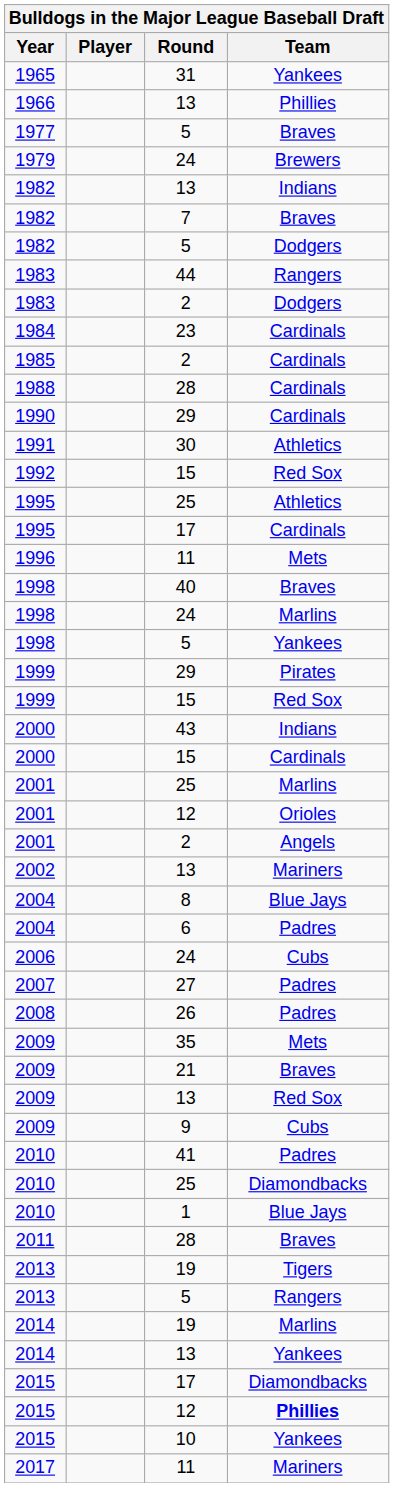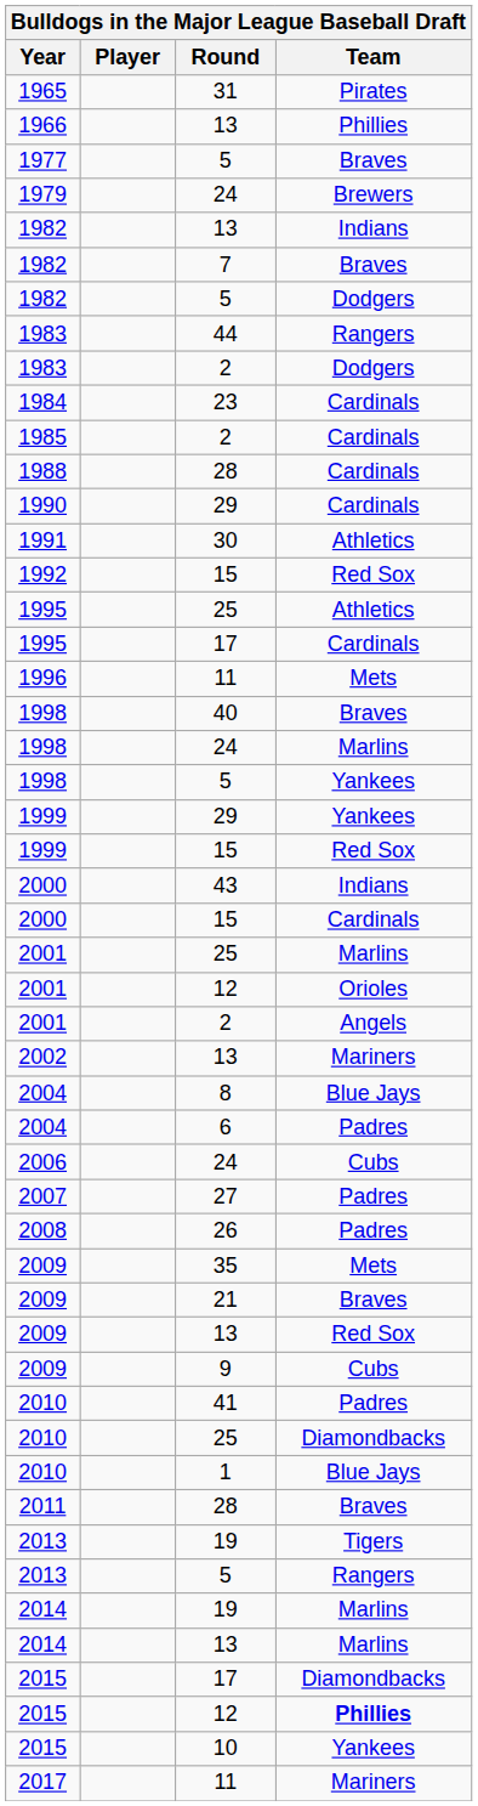 <table class="wikitable sortable collapsible collapsed" style="text-align:center">
 <tr>
 <th colspan=4>Bulldogs in the Major League Baseball Draft</th>
 </tr>
 <tr>
 <th>Year</th>
 <th>Player</th>
 <th>Round</th>
 <th>Team</th>
 </tr>
 <tr>
 <td><a href='#'>1965</a></td>
 <td></td>
 <td>31</td>
-<td><a href='#'>Yankees</a></td>
+<td><a href='#'>Pirates</a></td>
 </tr>
 <tr>
 <td><a href='#'>1966</a></td>
 <td></td>
 <td>13</td>
 <td><a href='#'>Phillies</a></td>
 </tr>
 <tr>
 <td><a href='#'>1977</a></td>
 <td></td>
 <td>5</td>
 <td><a href='#'>Braves</a></td>
 </tr>
 <tr>
 <td><a href='#'>1979</a></td>
 <td></td>
 <td>24</td>
 <td><a href='#'>Brewers</a></td>
 </tr>
 <tr>
 <td><a href='#'>1982</a></td>
 <td></td>
 <td>13</td>
 <td><a href='#'>Indians</a></td>
 </tr>
 <tr>
 <td><a href='#'>1982</a></td>
 <td></td>
 <td>7</td>
 <td><a href='#'>Braves</a></td>
 </tr>
 <tr>
 <td><a href='#'>1982</a></td>
 <td></td>
 <td>5</td>
 <td><a href='#'>Dodgers</a></td>
 </tr>
 <tr>
 <td><a href='#'>1983</a></td>
 <td></td>
 <td>44</td>
 <td><a href='#'>Rangers</a></td>
 </tr>
 <tr>
 <td><a href='#'>1983</a></td>
 <td></td>
 <td>2</td>
 <td><a href='#'>Dodgers</a></td>
 </tr>
 <tr>
 <td><a href='#'>1984</a></td>
 <td></td>
 <td>23</td>
 <td><a href='#'>Cardinals</a></td>
 </tr>
 <tr>
 <td><a href='#'>1985</a></td>
 <td></td>
 <td>2</td>
 <td><a href='#'>Cardinals</a></td>
 </tr>
 <tr>
 <td><a href='#'>1988</a></td>
 <td></td>
 <td>28</td>
 <td><a href='#'>Cardinals</a></td>
 </tr>
 <tr>
 <td><a href='#'>1990</a></td>
 <td></td>
 <td>29</td>
 <td><a href='#'>Cardinals</a></td>
 </tr>
 <tr>
 <td><a href='#'>1991</a></td>
 <td></td>
 <td>30</td>
 <td><a href='#'>Athletics</a></td>
 </tr>
 <tr>
 <td><a href='#'>1992</a></td>
 <td></td>
 <td>15</td>
 <td><a href='#'>Red Sox</a></td>
 </tr>
 <tr>
 <td><a href='#'>1995</a></td>
 <td></td>
 <td>25</td>
 <td><a href='#'>Athletics</a></td>
 </tr>
 <tr>
 <td><a href='#'>1995</a></td>
 <td></td>
 <td>17</td>
 <td><a href='#'>Cardinals</a></td>
 </tr>
 <tr>
 <td><a href='#'>1996</a></td>
 <td></td>
 <td>11</td>
 <td><a href='#'>Mets</a></td>
 </tr>
 <tr>
 <td><a href='#'>1998</a></td>
 <td></td>
 <td>40</td>
 <td><a href='#'>Braves</a></td>
 </tr>
 <tr>
 <td><a href='#'>1998</a></td>
 <td></td>
 <td>24</td>
 <td><a href='#'>Marlins</a></td>
 </tr>
 <tr>
 <td><a href='#'>1998</a></td>
 <td></td>
 <td>5</td>
 <td><a href='#'>Yankees</a></td>
 </tr>
 <tr>
 <td><a href='#'>1999</a></td>
 <td></td>
 <td>29</td>
-<td><a href='#'>Pirates</a></td>
+<td><a href='#'>Yankees</a></td>
 </tr>
 <tr>
 <td><a href='#'>1999</a></td>
 <td></td>
 <td>15</td>
 <td><a href='#'>Red Sox</a></td>
 </tr>
 <tr>
 <td><a href='#'>2000</a></td>
 <td></td>
 <td>43</td>
 <td><a href='#'>Indians</a></td>
 </tr>
 <tr>
 <td><a href='#'>2000</a></td>
 <td></td>
 <td>15</td>
 <td><a href='#'>Cardinals</a></td>
 </tr>
 <tr>
 <td><a href='#'>2001</a></td>
 <td></td>
 <td>25</td>
 <td><a href='#'>Marlins</a></td>
 </tr>
 <tr>
 <td><a href='#'>2001</a></td>
 <td></td>
 <td>12</td>
 <td><a href='#'>Orioles</a></td>
 </tr>
 <tr>
 <td><a href='#'>2001</a></td>
 <td></td>
 <td>2</td>
 <td><a href='#'>Angels</a></td>
 </tr>
 <tr>
 <td><a href='#'>2002</a></td>
 <td></td>
 <td>13</td>
 <td><a href='#'>Mariners</a></td>
 </tr>
 <tr>
 <td><a href='#'>2004</a></td>
 <td></td>
 <td>8</td>
 <td><a href='#'>Blue Jays</a></td>
 </tr>
 <tr>
 <td><a href='#'>2004</a></td>
 <td></td>
 <td>6</td>
 <td><a href='#'>Padres</a></td>
 </tr>
 <tr>
 <td><a href='#'>2006</a></td>
 <td></td>
 <td>24</td>
 <td><a href='#'>Cubs</a></td>
 </tr>
 <tr>
 <td><a href='#'>2007</a></td>
 <td></td>
 <td>27</td>
 <td><a href='#'>Padres</a></td>
 </tr>
 <tr>
 <td><a href='#'>2008</a></td>
 <td></td>
 <td>26</td>
 <td><a href='#'>Padres</a></td>
 </tr>
 <tr>
 <td><a href='#'>2009</a></td>
 <td></td>
 <td>35</td>
 <td><a href='#'>Mets</a></td>
 </tr>
 <tr>
 <td><a href='#'>2009</a></td>
 <td></td>
 <td>21</td>
 <td><a href='#'>Braves</a></td>
 </tr>
 <tr>
 <td><a href='#'>2009</a></td>
 <td></td>
 <td>13</td>
 <td><a href='#'>Red Sox</a></td>
 </tr>
 <tr>
 <td><a href='#'>2009</a></td>
 <td></td>
 <td>9</td>
 <td><a href='#'>Cubs</a></td>
 </tr>
 <tr>
 <td><a href='#'>2010</a></td>
 <td></td>
 <td>41</td>
 <td><a href='#'>Padres</a></td>
 </tr>
 <tr>
 <td><a href='#'>2010</a></td>
 <td></td>
 <td>25</td>
 <td><a href='#'>Diamondbacks</a></td>
 </tr>
 <tr>
 <td><a href='#'>2010</a></td>
 <td></td>
 <td>1</td>
 <td><a href='#'>Blue Jays</a></td>
 </tr>
 <tr>
 <td><a href='#'>2011</a></td>
 <td></td>
 <td>28</td>
 <td><a href='#'>Braves</a></td>
 </tr>
 <tr>
 <td><a href='#'>2013</a></td>
 <td></td>
 <td>19</td>
 <td><a href='#'>Tigers</a></td>
 </tr>
 <tr>
 <td><a href='#'>2013</a></td>
 <td></td>
 <td>5</td>
 <td><a href='#'>Rangers</a></td>
 </tr>
 <tr>
 <td><a href='#'>2014</a></td>
 <td></td>
 <td>19</td>
 <td><a href='#'>Marlins</a></td>
 </tr>
 <tr>
 <td><a href='#'>2014</a></td>
 <td></td>
 <td>13</td>
-<td><a href='#'>Yankees</a></td>
+<td><a href='#'>Marlins</a></td>
 </tr>
 <tr>
 <td><a href='#'>2015</a></td>
 <td></td>
 <td>17</td>
 <td><a href='#'>Diamondbacks</a></td>
 </tr>
 <tr>
 <td><a href='#'>2015</a></td>
 <td></td>
 <td>12</td>
 <td><strong><a href='#'>Phillies</a></strong></td>
 </tr>
 <tr>
 <td><a href='#'>2015</a></td>
 <td></td>
 <td>10</td>
 <td><a href='#'>Yankees</a></td>
 </tr>
 <tr>
 <td><a href='#'>2017</a></td>
 <td></td>
 <td>11</td>
 <td><a href='#'>Mariners</a></td>
 </tr>
 </table>
